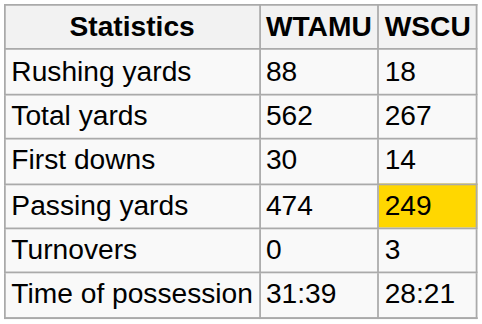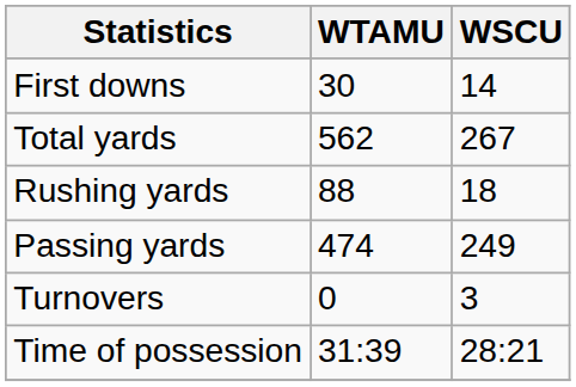 <table class="wikitable">
 <tr>
 <th>Statistics</th>
 <th>WTAMU</th>
 <th>WSCU</th>
 </tr>
 <tr>
-<td>Rushing yards</td>
-<td>88</td>
-<td>18</td>
+<td>First downs</td>
+<td>30</td>
+<td>14</td>
 </tr>
 <tr>
 <td>Total yards</td>
 <td>562</td>
 <td>267</td>
 </tr>
 <tr>
-<td>First downs</td>
-<td>30</td>
-<td>14</td>
+<td>Rushing yards</td>
+<td>88</td>
+<td>18</td>
 </tr>
 <tr>
 <td>Passing yards</td>
 <td>474</td>
-<td style="background: gold;">249</td>
+<td>249</td>
 </tr>
 <tr>
 <td>Turnovers</td>
 <td>0</td>
 <td>3</td>
 </tr>
 <tr>
 <td>Time of possession</td>
 <td>31:39</td>
 <td>28:21</td>
 </tr>
 <tr>
 </tr>
 </table>
